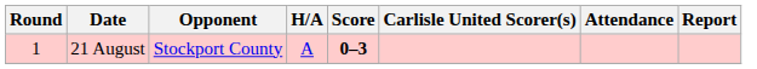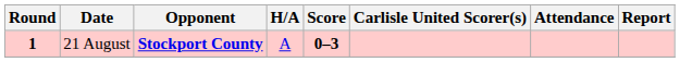 <table class="wikitable" style="text-align:center">
 <tr>
 <th>Round</th>
 <th>Date</th>
 <th>Opponent</th>
 <th>H/A</th>
 <th>Score</th>
 <th>Carlisle United Scorer(s)</th>
 <th>Attendance</th>
 <th>Report</th>
 </tr>
 <tr bgcolor=#FFCCCC>
-<td>1</td>
+<td><strong>1</strong></td>
 <td align=left>21 August</td>
-<td align=left><a href='#'>Stockport County</a></td>
+<td align=left><strong><a href='#'>Stockport County</a></strong></td>
 <td><a href='#'>A</a></td>
 <td><strong>0–3</strong></td>
 <td align=left></td>
 <td></td>
 <td></td>
 </tr>
 <tr>
 </tr>
 </table>
